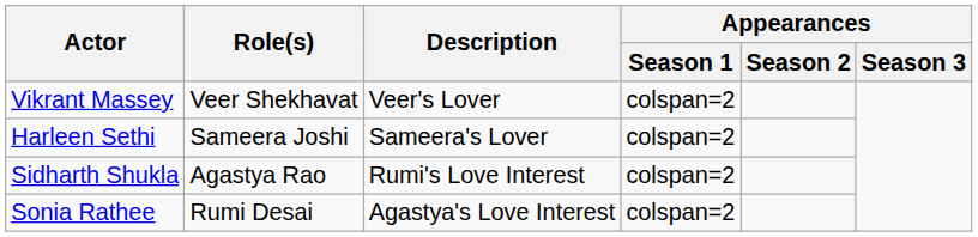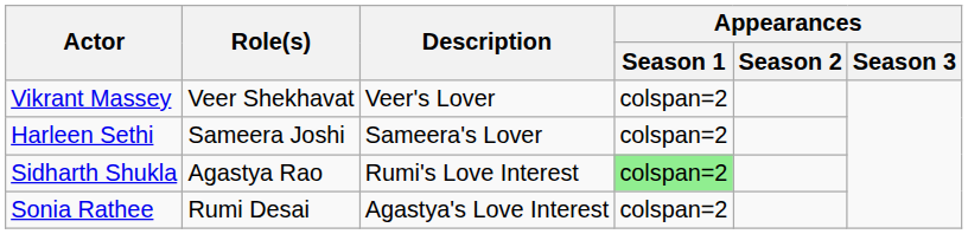 <table class="wikitable">
 <tr>
 <th rowspan="2">Actor</th>
 <th rowspan="2">Role(s)</th>
 <th rowspan="2">Description</th>
 <th colspan="3">Appearances</th>
 </tr>
 <tr>
 <th>Season 1</th>
 <th>Season 2</th>
 <th>Season 3</th>
 </tr>
 <tr>
 <td><a href='#'>Vikrant Massey</a></td>
 <td>Veer Shekhavat</td>
 <td>Veer's Lover</td>
 <td>colspan=2 </td>
 <td></td>
 </tr>
 <tr>
 <td><a href='#'>Harleen Sethi</a></td>
 <td>Sameera Joshi</td>
 <td>Sameera's Lover</td>
 <td>colspan=2 </td>
 <td></td>
 </tr>
 <tr>
 <td><a href='#'>Sidharth Shukla</a></td>
 <td>Agastya Rao</td>
 <td>Rumi's Love Interest</td>
-<td>colspan=2 </td>
+<td style="background: lightgreen;">colspan=2 </td>
 <td></td>
 </tr>
 <tr>
 <td><a href='#'>Sonia Rathee</a></td>
 <td>Rumi Desai</td>
 <td>Agastya's Love Interest</td>
 <td>colspan=2 </td>
 <td></td>
 </tr>
 </table>
